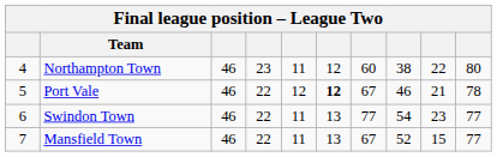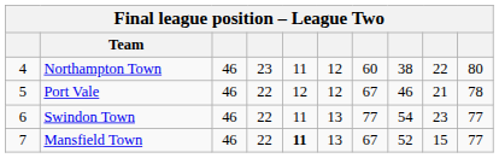 <table class="wikitable" style="text-align:center">
 <tr>
 <th colspan="10"><big>Final league position – League Two</big></th>
 </tr>
 <tr>
 <th width="30"></th>
 <th width="175">Team</th>
 <th width="30"></th>
 <th width="30"></th>
 <th width="30"></th>
 <th width="30"></th>
 <th width="30"></th>
 <th width="30"></th>
 <th width="30"></th>
 <th width="30"></th>
 </tr>
 <tr>
 <td>4</td>
 <td align="left"><a href='#'>Northampton Town</a></td>
 <td>46</td>
 <td>23</td>
 <td>11</td>
 <td>12</td>
 <td>60</td>
 <td>38</td>
 <td>22</td>
 <td>80</td>
 </tr>
 <tr>
 <td>5</td>
 <td align="left"><a href='#'>Port Vale</a></td>
 <td>46</td>
 <td>22</td>
 <td>12</td>
-<td><strong>12</strong></td>
+<td>12</td>
 <td>67</td>
 <td>46</td>
 <td>21</td>
 <td>78</td>
 </tr>
 <tr>
 <td>6</td>
 <td align="left"><a href='#'>Swindon Town</a></td>
 <td>46</td>
 <td>22</td>
 <td>11</td>
 <td>13</td>
 <td>77</td>
 <td>54</td>
 <td>23</td>
 <td>77</td>
 </tr>
 <tr>
 <td>7</td>
 <td align="left"><a href='#'>Mansfield Town</a></td>
 <td>46</td>
 <td>22</td>
-<td>11</td>
+<td><strong>11</strong></td>
 <td>13</td>
 <td>67</td>
 <td>52</td>
 <td>15</td>
 <td>77</td>
 </tr>
 </table>
